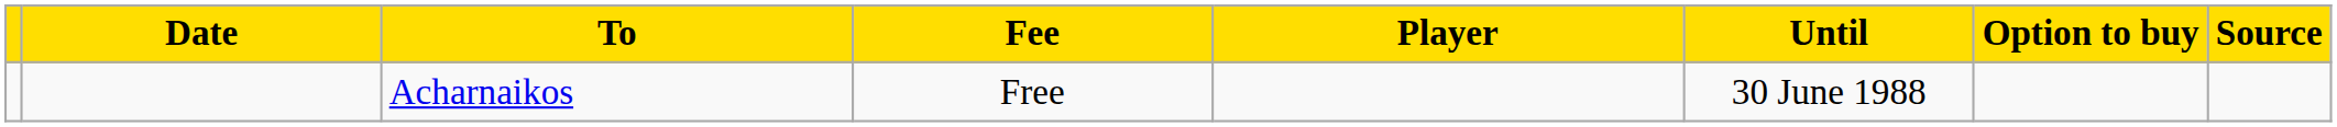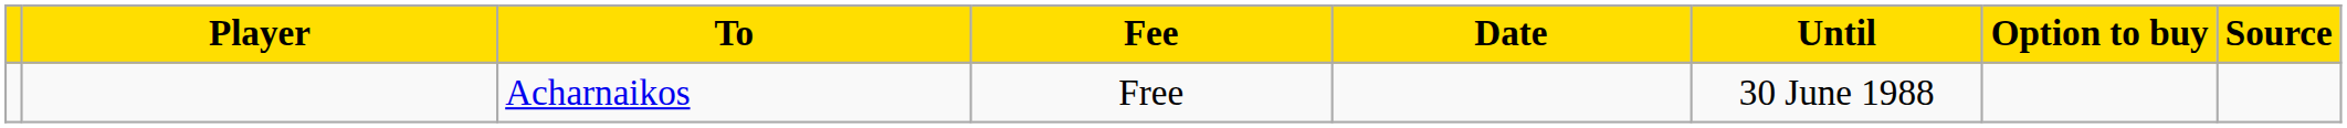 <table class="wikitable sortable">
 <tr>
 <th style="background:#FFDE00"></th>
-<th width=150 style="background:#FFDE00">Date</th>
+<th width=200 style="background:#FFDE00">Player</th>
 <th width=200 style="background:#FFDE00">To</th>
 <th width=150 style="background:#FFDE00">Fee</th>
-<th width=200 style="background:#FFDE00">Player</th>
+<th width=150 style="background:#FFDE00">Date</th>
 <th width=120 style="background:#FFDE00">Until</th>
 <th style="background:#FFDE00">Option to buy</th>
 <th style="background:#FFDE00">Source</th>
 </tr>
 <tr>
 <td align=center></td>
-<td align=center></td>
+<td></td>
 <td> <a href='#'>Acharnaikos</a></td>
 <td align=center>Free</td>
-<td></td>
+<td align=center></td>
 <td align=center>30 June 1988</td>
 <td align=center></td>
 <td align=center></td>
 </tr>
 </table>
